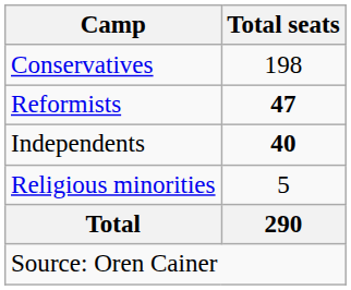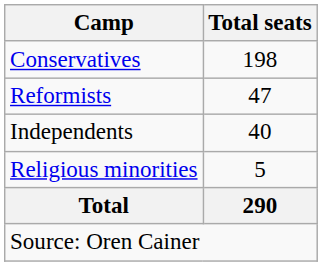 <table class=wikitable style=text-align:center>
 <tr>
 <th>Camp</th>
 <th>Total seats</th>
 </tr>
 <tr>
 <td align=left><a href='#'>Conservatives</a></td>
 <td>198</td>
 </tr>
 <tr>
 <td align=left><a href='#'>Reformists</a></td>
-<td><strong>47</strong></td>
+<td>47</td>
 </tr>
 <tr>
 <td align=left>Independents</td>
-<td><strong>40</strong></td>
+<td>40</td>
 </tr>
 <tr>
 <td align=left><a href='#'>Religious minorities</a></td>
 <td>5</td>
 </tr>
 <tr>
 <th align=left>Total</th>
 <th>290</th>
 </tr>
 <tr>
 <td colspan=4 align=left>Source: Oren Cainer</td>
 </tr>
 </table>
